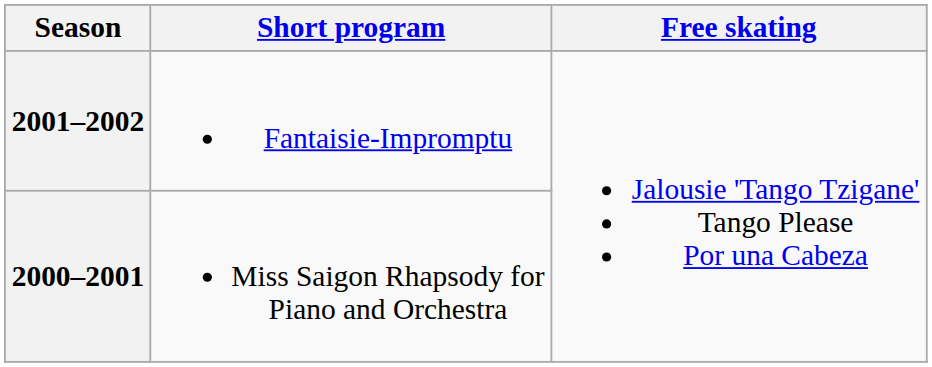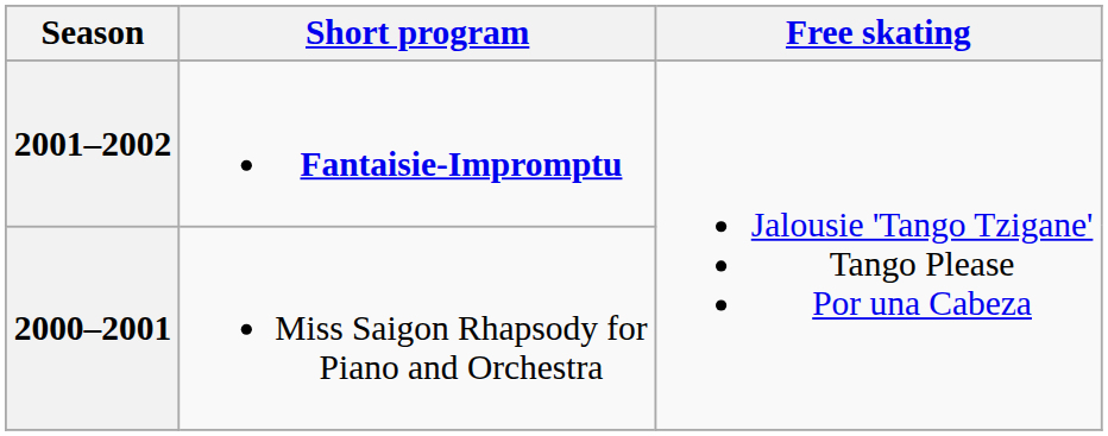 <table class=wikitable style=text-align:center>
 <tr>
 <th>Season</th>
 <th><a href='#'>Short program</a></th>
 <th><a href='#'>Free skating</a></th>
 </tr>
 <tr>
 <th>2001–2002 <br> </th>
-<td><br><ul><li><a href='#'>Fantaisie-Impromptu</a> <br></li></ul></td>
+<td><strong><br><ul><li><a href='#'>Fantaisie-Impromptu</a> <br></li></ul></strong></td>
 <td rowspan=2><br><ul><li><a href='#'>Jalousie 'Tango Tzigane'</a> <br></li><li>Tango Please <br></li><li><a href='#'>Por una Cabeza</a> <br></li></ul></td>
 </tr>
 <tr>
 <th>2000–2001 <br> </th>
 <td><br><ul><li>Miss Saigon Rhapsody for <br>Piano and Orchestra <br></li></ul></td>
 </tr>
 </table>
